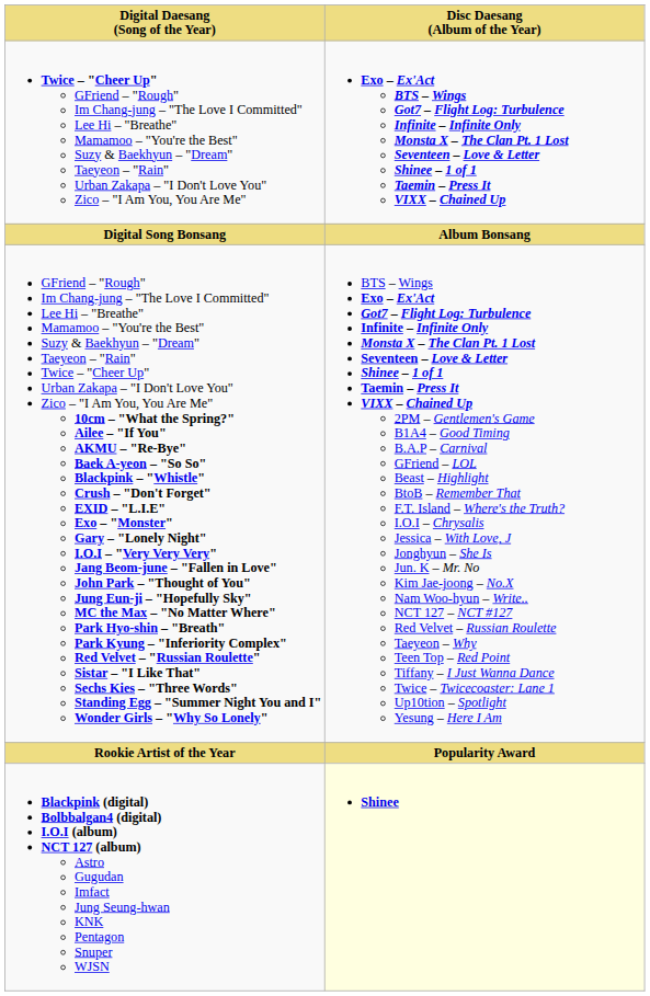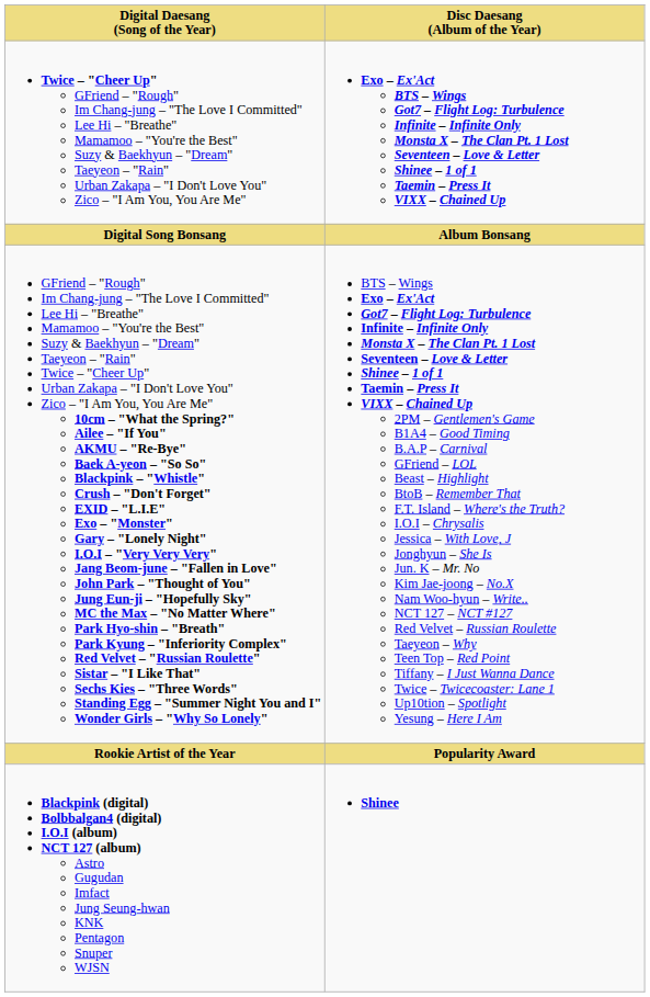 <table class="wikitable">
 <tr>
 <th scope="col" style="background:#EEDD82; width:50%">Digital Daesang<br>(Song of the Year)</th>
 <th scope="col" style="background:#EEDD82; width:50%">Disc Daesang<br>(Album of the Year)</th>
 </tr>
 <tr>
 <td style="vertical-align:top"><br><ul><li><strong><a href='#'>Twice</a> – "<a href='#'>Cheer Up</a>"</strong><ul><li><a href='#'>GFriend</a> – "<a href='#'>Rough</a>"</li><li><a href='#'>Im Chang-jung</a> – "The Love I Committed"</li><li><a href='#'>Lee Hi</a> – "Breathe"</li><li><a href='#'>Mamamoo</a> – "You're the Best"</li><li><a href='#'>Suzy</a> & <a href='#'>Baekhyun</a> – "<a href='#'>Dream</a>"</li><li><a href='#'>Taeyeon</a> – "<a href='#'>Rain</a>"</li><li><a href='#'>Urban Zakapa</a> – "I Don't Love You"</li><li><a href='#'>Zico</a> – "I Am You, You Are Me"</li></ul></li></ul></td>
 <td style="vertical-align:top"><br><ul><li><strong><a href='#'>Exo</a> – <em><a href='#'>Ex'Act</a><strong><em><ul><li><a href='#'>BTS</a> – </em><a href='#'>Wings</a><em></li><li><a href='#'>Got7</a> – </em><a href='#'>Flight Log: Turbulence</a><em></li><li><a href='#'>Infinite</a> – </em><a href='#'>Infinite Only</a><em></li><li><a href='#'>Monsta X</a> – </em><a href='#'>The Clan Pt. 1 Lost</a><em></li><li><a href='#'>Seventeen</a> – </em><a href='#'>Love & Letter</a><em></li><li><a href='#'>Shinee</a> – </em><a href='#'>1 of 1</a><em></li><li><a href='#'>Taemin</a> – </em><a href='#'>Press It</a><em></li><li><a href='#'>VIXX</a> – </em><a href='#'>Chained Up</a><em></li></ul></li></ul></td>
 </tr>
 <tr>
 <th scope="col" style="background:#EEDD82; width:50%">Digital Song Bonsang</th>
 <th scope="col" style="background:#EEDD82; width:50%">Album Bonsang</th>
 </tr>
 <tr>
 <td style="vertical-align:top"><br><ul><li></strong><a href='#'>GFriend</a> – "<a href='#'>Rough</a>"<strong></li><li></strong><a href='#'>Im Chang-jung</a> – "The Love I Committed"<strong></li><li></strong><a href='#'>Lee Hi</a> – "Breathe"<strong></li><li></strong><a href='#'>Mamamoo</a> – "You're the Best"<strong></li><li></strong><a href='#'>Suzy</a> & <a href='#'>Baekhyun</a> – "<a href='#'>Dream</a>"<strong></li><li></strong><a href='#'>Taeyeon</a> – "<a href='#'>Rain</a>"<strong></li><li></strong><a href='#'>Twice</a> – "<a href='#'>Cheer Up</a>"<strong></li><li></strong><a href='#'>Urban Zakapa</a> – "I Don't Love You"<strong></li><li></strong><a href='#'>Zico</a> – "I Am You, You Are Me"<strong><ul><li><a href='#'>10cm</a> – "What the Spring?"</li><li><a href='#'>Ailee</a> – "If You"</li><li><a href='#'>AKMU</a> – "Re-Bye"</li><li><a href='#'>Baek A-yeon</a> – "So So"</li><li><a href='#'>Blackpink</a> – "<a href='#'>Whistle</a>"</li><li><a href='#'>Crush</a> – "Don't Forget"</li><li><a href='#'>EXID</a> – "L.I.E"</li><li><a href='#'>Exo</a> – "<a href='#'>Monster</a>"</li><li><a href='#'>Gary</a> – "Lonely Night"</li><li><a href='#'>I.O.I</a> – "<a href='#'>Very Very Very</a>"</li><li><a href='#'>Jang Beom-june</a> – "Fallen in Love"</li><li><a href='#'>John Park</a> – "Thought of You"</li><li><a href='#'>Jung Eun-ji</a> – "Hopefully Sky"</li><li><a href='#'>MC the Max</a> – "No Matter Where"</li><li><a href='#'>Park Hyo-shin</a> – "Breath"</li><li><a href='#'>Park Kyung</a> – "Inferiority Complex"</li><li><a href='#'>Red Velvet</a> – "<a href='#'>Russian Roulette</a>"</li><li><a href='#'>Sistar</a> – "I Like That"</li><li><a href='#'>Sechs Kies</a> – "Three Words"</li><li><a href='#'>Standing Egg</a> – "Summer Night You and I"</li><li><a href='#'>Wonder Girls</a> – "<a href='#'>Why So Lonely</a>"</li></ul></li></ul></td>
 <td style="vertical-align:top"><br><ul><li></strong><a href='#'>BTS</a> – </em><a href='#'>Wings</a></em></strong></li><li><strong><a href='#'>Exo</a> – <em><a href='#'>Ex'Act</a><strong><em></li><li></strong><a href='#'>Got7</a> – </em><a href='#'>Flight Log: Turbulence</a></em></strong></li><li><strong><a href='#'>Infinite</a> – <em><a href='#'>Infinite Only</a><strong><em></li><li></strong><a href='#'>Monsta X</a> – </em><a href='#'>The Clan Pt. 1 Lost</a></em></strong></li><li><strong><a href='#'>Seventeen</a> – <em><a href='#'>Love & Letter</a><strong><em></li><li></strong><a href='#'>Shinee</a> – </em><a href='#'>1 of 1</a></em></strong></li><li><strong><a href='#'>Taemin</a> – <em><a href='#'>Press It</a><strong><em></li><li></strong><a href='#'>VIXX</a> – </em><a href='#'>Chained Up</a></em></strong><ul><li><a href='#'>2PM</a> – <em><a href='#'>Gentlemen's Game</a></em></li><li><a href='#'>B1A4</a> – <em><a href='#'>Good Timing</a></em></li><li><a href='#'>B.A.P</a> – <em><a href='#'>Carnival</a></em></li><li><a href='#'>GFriend</a> – <em><a href='#'>LOL</a></em></li><li><a href='#'>Beast</a> – <em><a href='#'>Highlight</a></em></li><li><a href='#'>BtoB</a> – <em><a href='#'>Remember That</a></em></li><li><a href='#'>F.T. Island</a> – <em><a href='#'>Where's the Truth?</a></em></li><li><a href='#'>I.O.I</a> – <em><a href='#'>Chrysalis</a></em></li><li><a href='#'>Jessica</a> – <em><a href='#'>With Love, J</a></em></li><li><a href='#'>Jonghyun</a> – <em><a href='#'>She Is</a></em></li><li><a href='#'>Jun. K</a> – <em>Mr. No</em></li><li><a href='#'>Kim Jae-joong</a> – <em><a href='#'>No.X</a></em></li><li><a href='#'>Nam Woo-hyun</a> – <em><a href='#'>Write..</a></em></li><li><a href='#'>NCT 127</a> – <em><a href='#'>NCT #127</a></em></li><li><a href='#'>Red Velvet</a> – <em><a href='#'>Russian Roulette</a></em></li><li><a href='#'>Taeyeon</a> – <em><a href='#'>Why</a></em></li><li><a href='#'>Teen Top</a> – <em><a href='#'>Red Point</a></em></li><li><a href='#'>Tiffany</a> – <em><a href='#'>I Just Wanna Dance</a></em></li><li><a href='#'>Twice</a> – <em><a href='#'>Twicecoaster: Lane 1</a></em></li><li><a href='#'>Up10tion</a> – <em><a href='#'>Spotlight</a></em></li><li><a href='#'>Yesung</a> – <em><a href='#'>Here I Am</a></em></li></ul></li></ul></td>
 </tr>
 <tr>
 <th scope="col" style="background:#EEDD82; width:50%">Rookie Artist of the Year</th>
 <th scope="col" style="background:#EEDD82; width:50%">Popularity Award</th>
 </tr>
 <tr>
 <td style="vertical-align:top"><br><ul><li><strong><a href='#'>Blackpink</a> (digital)</strong></li><li><strong><a href='#'>Bolbbalgan4</a> (digital)</strong></li><li><strong><a href='#'>I.O.I</a> (album)</strong></li><li><strong><a href='#'>NCT 127</a> (album)</strong><ul><li><a href='#'>Astro</a></li><li><a href='#'>Gugudan</a></li><li><a href='#'>Imfact</a></li><li><a href='#'>Jung Seung-hwan</a></li><li><a href='#'>KNK</a></li><li><a href='#'>Pentagon</a></li><li><a href='#'>Snuper</a></li><li><a href='#'>WJSN</a></li></ul></li></ul></td>
-<td style="background: lightyellow; vertical-align:top"><br><ul><li><strong><a href='#'>Shinee</a></strong></li></ul></td>
+<td style="vertical-align:top"><br><ul><li><strong><a href='#'>Shinee</a></strong></li></ul></td>
 </tr>
 </table>
